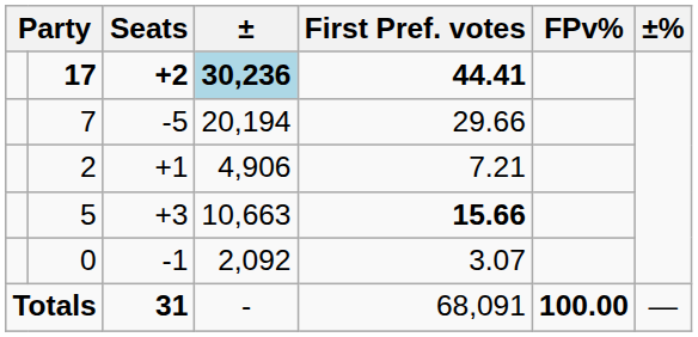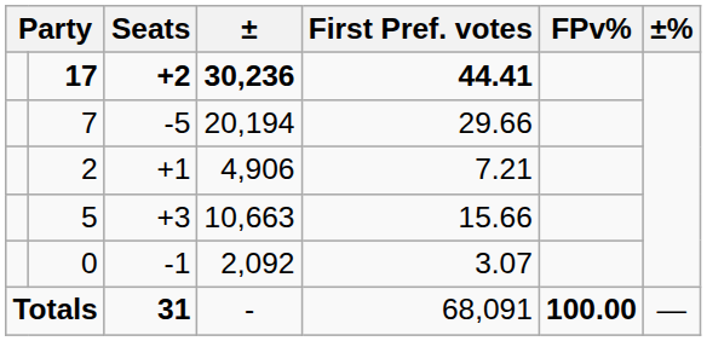 <table class=wikitable>
 <tr>
 <th colspan=2 align=center>Party</th>
 <th valign=top>Seats</th>
 <th valign=top>±</th>
 <th valign=top>First Pref. votes</th>
 <th valign=top>FPv%</th>
 <th valign=top>±%</th>
 </tr>
 <tr>
 <td></td>
 <td align=right><strong>17</strong></td>
 <td align=right><strong>+2</strong></td>
-<td align=right style="background: lightblue;"><strong>30,236</strong></td>
+<td align=right><strong>30,236</strong></td>
 <td align=right><strong>44.41</strong></td>
 <td align=right></td>
 </tr>
 <tr>
 <td></td>
 <td align=right>7</td>
 <td align=right>-5</td>
 <td align=right>20,194</td>
 <td align=right>29.66</td>
 <td align=right></td>
 </tr>
 <tr>
 <td></td>
 <td align=right>2</td>
 <td align=right>+1</td>
 <td align=right>4,906</td>
 <td align=right>7.21</td>
 <td align=right></td>
 </tr>
 <tr>
 <td></td>
 <td align=right>5</td>
 <td align=right>+3</td>
 <td align=right>10,663</td>
-<td align=right><strong>15.66</strong></td>
+<td align=right>15.66</td>
 <td align=right></td>
 </tr>
 <tr>
 <td></td>
 <td align=right>0</td>
 <td align=right>-1</td>
 <td align=right>2,092</td>
 <td align=right>3.07</td>
 <td align=right></td>
 </tr>
 <tr>
 <td colspan=2 align=center><strong>Totals</strong></td>
 <td align=right><strong>31</strong></td>
 <td align=center>-</td>
 <td align=right>68,091</td>
 <td align=center><strong>100.00</strong></td>
 <td align=center>—</td>
 </tr>
 </table>
